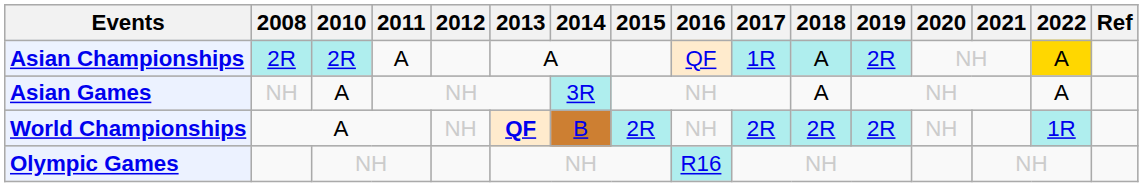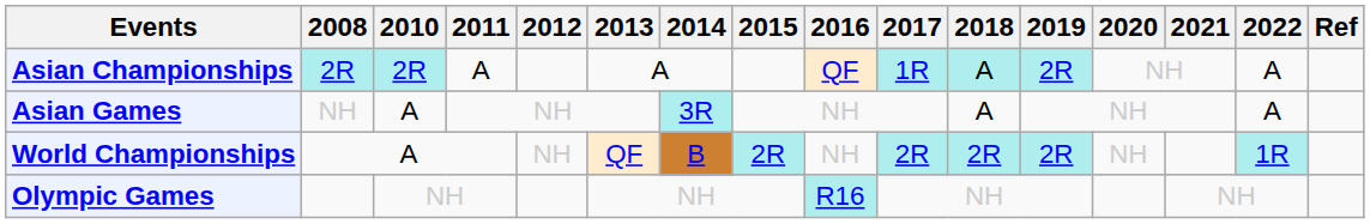 <table class="wikitable" style="font-size: 90%; text-align:center">
 <tr>
 <th>Events</th>
 <th>2008</th>
 <th>2010</th>
 <th>2011</th>
 <th>2012</th>
 <th>2013</th>
 <th>2014</th>
 <th>2015</th>
 <th>2016</th>
 <th>2017</th>
 <th>2018</th>
 <th>2019</th>
 <th>2020</th>
 <th>2021</th>
 <th>2022</th>
 <th>Ref</th>
 </tr>
 <tr>
 <td bgcolor="#ECF2FF"; align="left"><strong><a href='#'>Asian Championships</a></strong></td>
 <td bgcolor=AFEEEE><a href='#'>2R</a></td>
 <td bgcolor=AFEEEE><a href='#'>2R</a></td>
 <td>A</td>
 <td><a href='#'></a></td>
 <td colspan="2">A</td>
 <td><a href='#'></a></td>
 <td bgcolor=FFEBCD><a href='#'>QF</a></td>
 <td bgcolor=AFEEEE><a href='#'>1R</a></td>
 <td style="background: paleturquoise;">A</td>
 <td bgcolor=AFEEEE><a href='#'>2R</a></td>
 <td colspan="2" style=color:#ccc>NH</td>
-<td style="background: gold;">A</td>
+<td>A</td>
 </tr>
 <tr>
 <td bgcolor="#ECF2FF"; align="left"><strong><a href='#'>Asian Games</a></strong></td>
 <td style=color:#ccc>NH</td>
 <td>A</td>
 <td colspan="3" style=color:#ccc>NH</td>
 <td bgcolor=AFEEEE><a href='#'>3R</a></td>
 <td colspan="3" style=color:#ccc>NH</td>
 <td>A</td>
 <td colspan="3" style=color:#ccc>NH</td>
 <td>A</td>
 <td></td>
 </tr>
 <tr>
 <td bgcolor="#ECF2FF"; align="left"><strong><a href='#'>World Championships</a></strong></td>
 <td colspan="3">A</td>
 <td style=color:#ccc>NH</td>
-<td bgcolor=FFEBCD><strong><a href='#'>QF</a></strong></td>
+<td bgcolor=FFEBCD><a href='#'>QF</a></td>
 <td bgcolor=CD7F32><a href='#'>B</a></td>
 <td bgcolor=AFEEEE><a href='#'>2R</a></td>
 <td style=color:#ccc>NH</td>
 <td bgcolor=AFEEEE><a href='#'>2R</a></td>
 <td bgcolor=AFEEEE><a href='#'>2R</a></td>
 <td bgcolor=AFEEEE><a href='#'>2R</a></td>
 <td style=color:#ccc>NH</td>
 <td><a href='#'></a></td>
 <td bgcolor=AFEEEE><a href='#'>1R</a></td>
 </tr>
 <tr>
 <td bgcolor="#ECF2FF"; align="left"><strong><a href='#'>Olympic Games</a></strong></td>
 <td></td>
 <td colspan="2" style=color:#ccc>NH</td>
 <td></td>
 <td colspan="3" style=color:#ccc>NH</td>
 <td bgcolor=AFEEEE><a href='#'>R16</a></td>
 <td colspan="3" style=color:#ccc>NH</td>
 <td></td>
 <td colspan="2" style=color:#ccc>NH</td>
 <td></td>
 </tr>
 </table>
